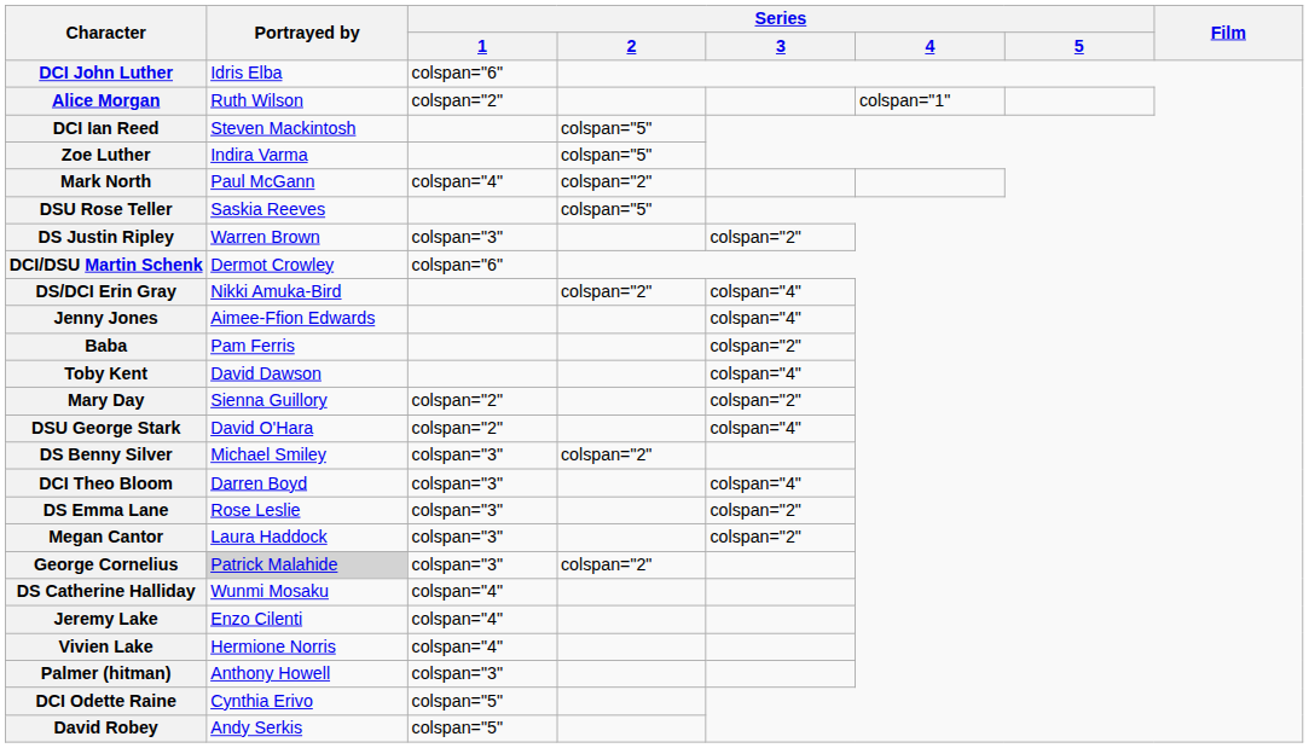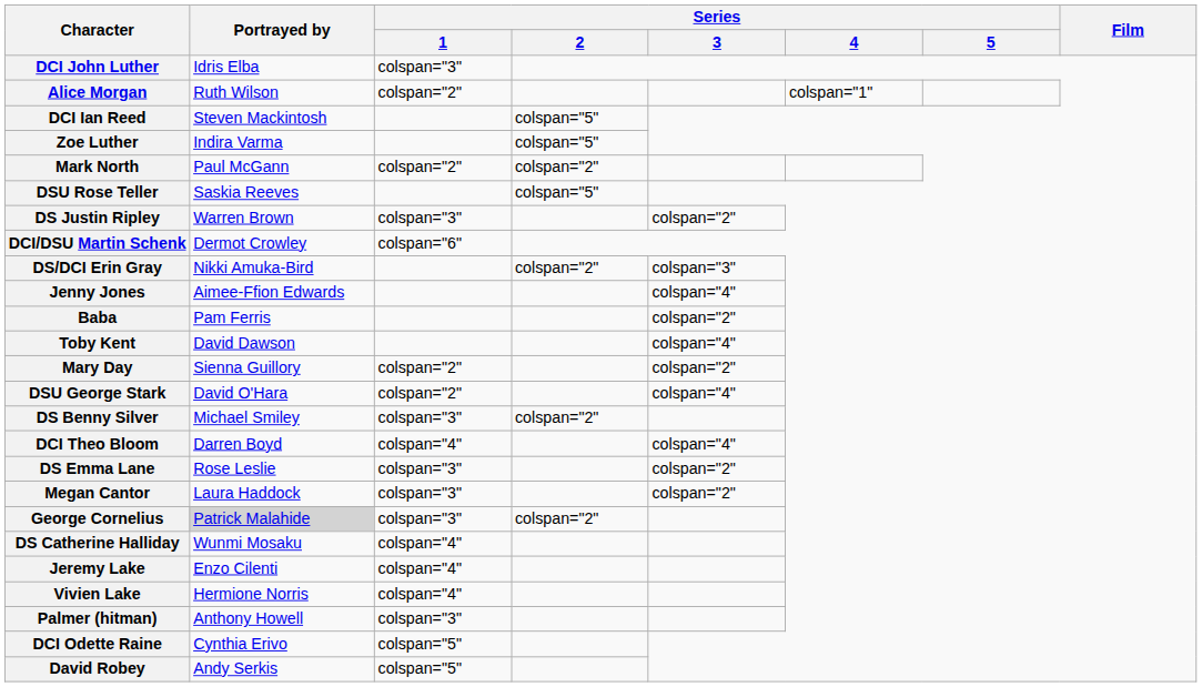 <table class="wikitable">
 <tr>
 <th rowspan="2" style="text-align:center; width:15.5%;">Character</th>
 <th rowspan="2" style="text-align:center; width:15.5%;">Portrayed by</th>
 <th colspan="5"><a href='#'>Series</a></th>
 <th rowspan="2" style="text-align:center; width:11.5%;"><a href='#'>Film</a></th>
 </tr>
 <tr>
 <th style="text-align:center; width:11.5%;"><a href='#'>1</a></th>
 <th style="text-align:center; width:11.5%;"><a href='#'>2</a></th>
 <th style="text-align:center; width:11.5%;"><a href='#'>3</a></th>
 <th style="text-align:center; width:11.5%;"><a href='#'>4</a></th>
 <th style="text-align:center; width:11.5%;"><a href='#'>5</a></th>
 </tr>
 <tr>
 <th><a href='#'>DCI John Luther</a></th>
 <td><a href='#'>Idris Elba</a></td>
-<td>colspan="6" </td>
+<td>colspan="3" </td>
 </tr>
 <tr>
 <th><a href='#'>Alice Morgan</a></th>
 <td><a href='#'>Ruth Wilson</a></td>
 <td>colspan="2" </td>
 <td></td>
 <td></td>
 <td>colspan="1" </td>
 <td></td>
 </tr>
 <tr>
 <th>DCI Ian Reed</th>
 <td><a href='#'>Steven Mackintosh</a></td>
 <td></td>
 <td>colspan="5" </td>
 </tr>
 <tr>
 <th>Zoe Luther</th>
 <td><a href='#'>Indira Varma</a></td>
 <td></td>
 <td>colspan="5" </td>
 </tr>
 <tr>
 <th>Mark North</th>
 <td><a href='#'>Paul McGann</a></td>
-<td>colspan="4" </td>
+<td>colspan="2" </td>
 <td>colspan="2" </td>
 <td></td>
 <td></td>
 </tr>
 <tr>
 <th>DSU Rose Teller</th>
 <td><a href='#'>Saskia Reeves</a></td>
 <td></td>
 <td>colspan="5" </td>
 </tr>
 <tr>
 <th>DS Justin Ripley</th>
 <td><a href='#'>Warren Brown</a></td>
 <td>colspan="3" </td>
 <td></td>
 <td>colspan="2" </td>
 </tr>
 <tr>
 <th>DCI/DSU <a href='#'>Martin Schenk</a></th>
 <td><a href='#'>Dermot Crowley</a></td>
 <td>colspan="6" </td>
 </tr>
 <tr>
 <th>DS/DCI Erin Gray</th>
 <td><a href='#'>Nikki Amuka-Bird</a></td>
 <td></td>
 <td>colspan="2" </td>
-<td>colspan="4" </td>
+<td>colspan="3" </td>
 </tr>
 <tr>
 <th>Jenny Jones</th>
 <td><a href='#'>Aimee-Ffion Edwards</a></td>
 <td></td>
 <td></td>
 <td>colspan="4" </td>
 </tr>
 <tr>
 <th>Baba</th>
 <td><a href='#'>Pam Ferris</a></td>
 <td></td>
 <td></td>
 <td>colspan="2" </td>
 </tr>
 <tr>
 <th>Toby Kent</th>
 <td><a href='#'>David Dawson</a></td>
 <td></td>
 <td></td>
 <td>colspan="4" </td>
 </tr>
 <tr>
 <th>Mary Day</th>
 <td><a href='#'>Sienna Guillory</a></td>
 <td>colspan="2" </td>
 <td></td>
 <td>colspan="2" </td>
 </tr>
 <tr>
 <th>DSU George Stark</th>
 <td><a href='#'>David O'Hara</a></td>
 <td>colspan="2" </td>
 <td></td>
 <td>colspan="4" </td>
 </tr>
 <tr>
 <th>DS Benny Silver</th>
 <td><a href='#'>Michael Smiley</a></td>
 <td>colspan="3" </td>
 <td>colspan="2" </td>
 <td></td>
 </tr>
 <tr>
 <th>DCI Theo Bloom</th>
 <td><a href='#'>Darren Boyd</a></td>
-<td>colspan="3" </td>
+<td>colspan="4" </td>
 <td></td>
 <td>colspan="4" </td>
 </tr>
 <tr>
 <th>DS Emma Lane</th>
 <td><a href='#'>Rose Leslie</a></td>
 <td>colspan="3" </td>
 <td></td>
 <td>colspan="2" </td>
 </tr>
 <tr>
 <th>Megan Cantor</th>
 <td><a href='#'>Laura Haddock</a></td>
 <td>colspan="3" </td>
 <td></td>
 <td>colspan="2" </td>
 </tr>
 <tr>
 <th>George Cornelius</th>
 <td style="background: lightgrey;"><a href='#'>Patrick Malahide</a></td>
 <td>colspan="3" </td>
 <td>colspan="2" </td>
 <td></td>
 </tr>
 <tr>
 <th>DS Catherine Halliday</th>
 <td><a href='#'>Wunmi Mosaku</a></td>
 <td>colspan="4" </td>
 <td></td>
 <td></td>
 </tr>
 <tr>
 <th>Jeremy Lake</th>
 <td><a href='#'>Enzo Cilenti</a></td>
 <td>colspan="4" </td>
 <td></td>
 <td></td>
 </tr>
 <tr>
 <th>Vivien Lake</th>
 <td><a href='#'>Hermione Norris</a></td>
 <td>colspan="4" </td>
 <td></td>
 <td></td>
 </tr>
 <tr>
 <th>Palmer (hitman)</th>
 <td><a href='#'>Anthony Howell</a></td>
 <td>colspan="3" </td>
 <td></td>
 <td></td>
 </tr>
 <tr>
 <th>DCI Odette Raine</th>
 <td><a href='#'>Cynthia Erivo</a></td>
 <td>colspan="5" </td>
 <td></td>
 </tr>
 <tr>
 <th>David Robey</th>
 <td><a href='#'>Andy Serkis</a></td>
 <td>colspan="5" </td>
 <td></td>
 </tr>
 </table>
